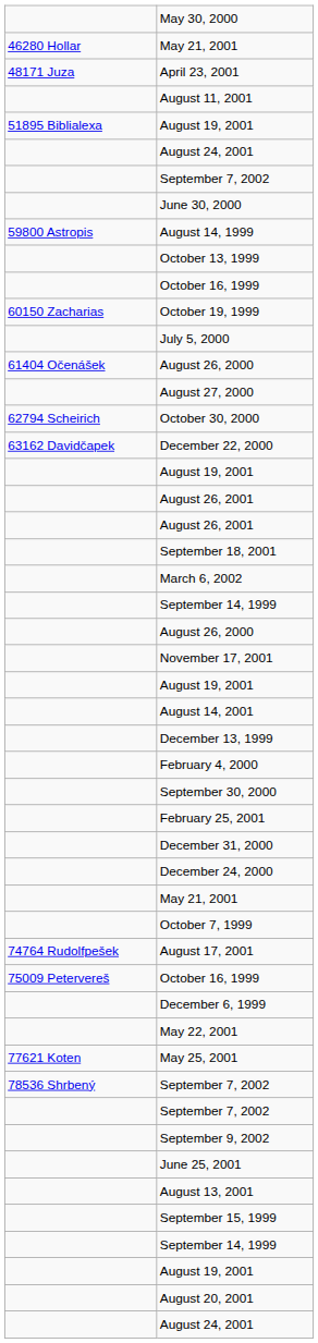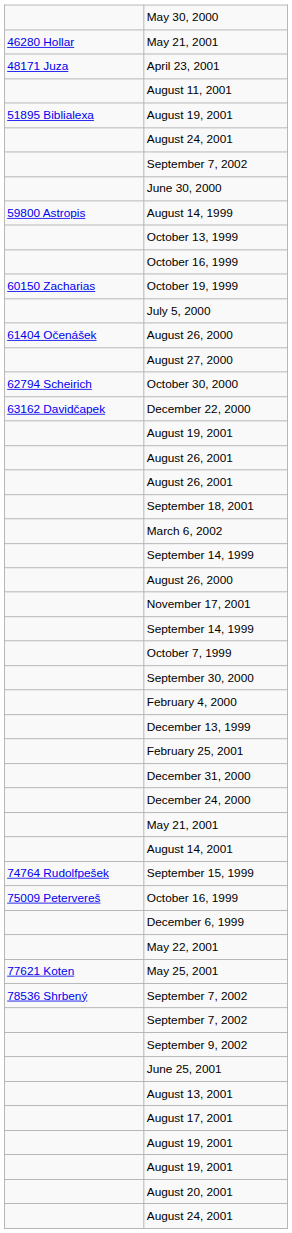 <table class="wikitable" style="font-size: 89%; float: left; width: 24em; margin-right: 1em; line-height: 1.6em !important; height: 1250px;">
 <tr>
 <td></td>
 <td>May 30, 2000</td>
 </tr>
 <tr>
 <td><a href='#'>46280 Hollar</a> </td>
 <td>May 21, 2001</td>
 </tr>
 <tr>
 <td><a href='#'>48171 Juza</a> </td>
 <td>April 23, 2001</td>
 </tr>
 <tr>
 <td></td>
 <td>August 11, 2001</td>
 </tr>
 <tr>
 <td><a href='#'>51895 Biblialexa</a> </td>
 <td>August 19, 2001</td>
 </tr>
 <tr>
 <td> </td>
 <td>August 24, 2001</td>
 </tr>
 <tr>
 <td> </td>
 <td>September 7, 2002</td>
 </tr>
 <tr>
 <td></td>
 <td>June 30, 2000</td>
 </tr>
 <tr>
 <td><a href='#'>59800 Astropis</a> </td>
 <td>August 14, 1999</td>
 </tr>
 <tr>
 <td> </td>
 <td>October 13, 1999</td>
 </tr>
 <tr>
 <td> </td>
 <td>October 16, 1999</td>
 </tr>
 <tr>
 <td><a href='#'>60150 Zacharias</a> </td>
 <td>October 19, 1999</td>
 </tr>
 <tr>
 <td> </td>
 <td>July 5, 2000</td>
 </tr>
 <tr>
 <td><a href='#'>61404 Očenášek</a> </td>
 <td>August 26, 2000</td>
 </tr>
 <tr>
 <td> </td>
 <td>August 27, 2000</td>
 </tr>
 <tr>
 <td><a href='#'>62794 Scheirich</a> </td>
 <td>October 30, 2000</td>
 </tr>
 <tr>
 <td><a href='#'>63162 Davidčapek</a> </td>
 <td>December 22, 2000</td>
 </tr>
 <tr>
 <td> </td>
 <td>August 19, 2001</td>
 </tr>
 <tr>
 <td> </td>
 <td>August 26, 2001</td>
 </tr>
 <tr>
 <td></td>
 <td>August 26, 2001</td>
 </tr>
 <tr>
 <td></td>
 <td>September 18, 2001</td>
 </tr>
 <tr>
 <td></td>
 <td>March 6, 2002</td>
 </tr>
 <tr>
 <td> </td>
 <td>September 14, 1999</td>
 </tr>
 <tr>
 <td> </td>
 <td>August 26, 2000</td>
 </tr>
 <tr>
 <td></td>
 <td>November 17, 2001</td>
 </tr>
 <tr>
 <td> </td>
-<td>August 19, 2001</td>
+<td>September 14, 1999</td>
 </tr>
 <tr>
 <td> </td>
-<td>August 14, 2001</td>
+<td>October 7, 1999</td>
 </tr>
 <tr>
 <td></td>
-<td>December 13, 1999</td>
+<td>September 30, 2000</td>
 </tr>
 <tr>
 <td></td>
 <td>February 4, 2000</td>
 </tr>
 <tr>
 <td> </td>
-<td>September 30, 2000</td>
+<td>December 13, 1999</td>
 </tr>
 <tr>
 <td> </td>
 <td>February 25, 2001</td>
 </tr>
 <tr>
 <td> </td>
 <td>December 31, 2000</td>
 </tr>
 <tr>
 <td></td>
 <td>December 24, 2000</td>
 </tr>
 <tr>
 <td> </td>
 <td>May 21, 2001</td>
 </tr>
 <tr>
 <td></td>
-<td>October 7, 1999</td>
+<td>August 14, 2001</td>
 </tr>
 <tr>
 <td><a href='#'>74764 Rudolfpešek</a> </td>
-<td>August 17, 2001</td>
+<td>September 15, 1999</td>
 </tr>
 <tr>
 <td><a href='#'>75009 Petervereš</a> </td>
 <td>October 16, 1999</td>
 </tr>
 <tr>
 <td></td>
 <td>December 6, 1999</td>
 </tr>
 <tr>
 <td> </td>
 <td>May 22, 2001</td>
 </tr>
 <tr>
 <td><a href='#'>77621 Koten</a> </td>
 <td>May 25, 2001</td>
 </tr>
 <tr>
 <td><a href='#'>78536 Shrbený</a> </td>
 <td>September 7, 2002</td>
 </tr>
 <tr>
 <td> </td>
 <td>September 7, 2002</td>
 </tr>
 <tr>
 <td> </td>
 <td>September 9, 2002</td>
 </tr>
 <tr>
 <td></td>
 <td>June 25, 2001</td>
 </tr>
 <tr>
 <td></td>
 <td>August 13, 2001</td>
 </tr>
 <tr>
 <td> </td>
-<td>September 15, 1999</td>
+<td>August 17, 2001</td>
 </tr>
 <tr>
 <td> </td>
-<td>September 14, 1999</td>
+<td>August 19, 2001</td>
 </tr>
 <tr>
 <td> </td>
 <td>August 19, 2001</td>
 </tr>
 <tr>
 <td> </td>
 <td>August 20, 2001</td>
 </tr>
 <tr>
 <td> </td>
 <td>August 24, 2001</td>
 </tr>
 </table>
